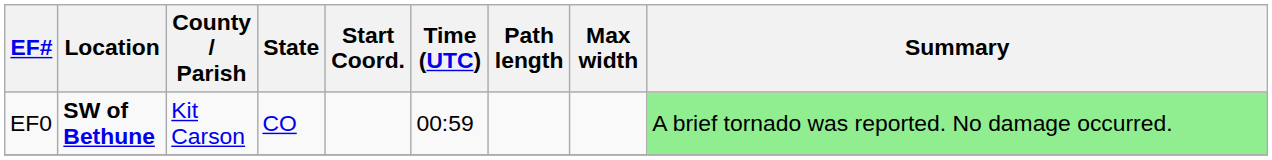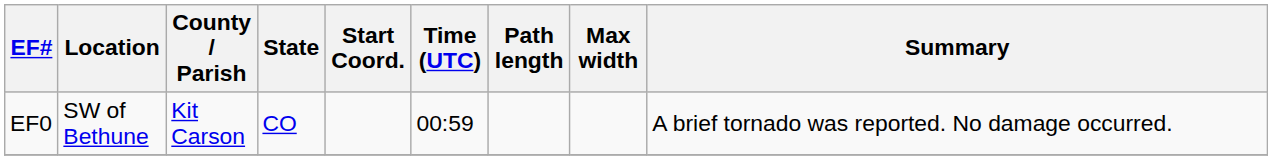 <table class="wikitable sortable" style="width:100%;">
 <tr>
 <th scope="col" width="3%" align="center"><a href='#'>EF#</a></th>
 <th scope="col" width="7%" align="center" class="unsortable">Location</th>
 <th scope="col" width="6%" align="center" class="unsortable">County / Parish</th>
 <th scope="col" width="5%" align="center">State</th>
 <th scope="col" width="6%" align="center">Start Coord.</th>
 <th scope="col" width="6%" align="center">Time (<a href='#'>UTC</a>)</th>
 <th scope="col" width="6%" align="center">Path length</th>
 <th scope="col" width="6%" align="center">Max width</th>
 <th scope="col" width="48%" class="unsortable" align="center">Summary</th>
 </tr>
 <tr>
 <td>EF0</td>
-<td><strong>SW of <a href='#'>Bethune</a></strong></td>
+<td>SW of <a href='#'>Bethune</a></td>
 <td><a href='#'>Kit Carson</a></td>
 <td><a href='#'>CO</a></td>
 <td></td>
 <td>00:59</td>
 <td></td>
 <td></td>
-<td style="background: lightgreen;">A brief tornado was reported. No damage occurred.</td>
+<td>A brief tornado was reported. No damage occurred.</td>
 </tr>
 <tr>
 </tr>
 </table>
